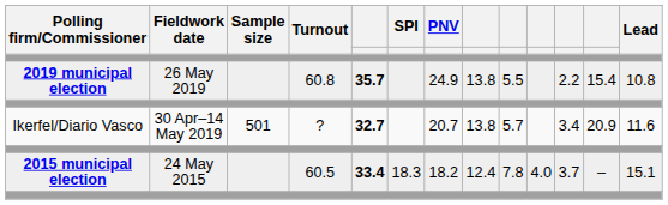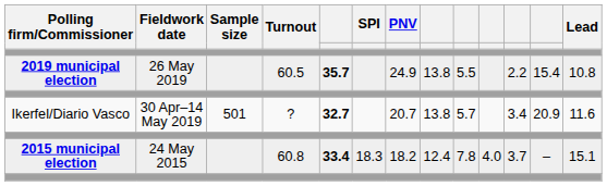 <table class="wikitable collapsible collapsed" style="text-align:center; font-size:95%; line-height:16px;">
 <tr style="height:42px;">
 <th style="width:250px;" rowspan="2">Polling firm/Commissioner</th>
 <th style="width:125px;" rowspan="2">Fieldwork date</th>
 <th style="width:50px;" rowspan="2">Sample size</th>
 <th style="width:45px;" rowspan="2">Turnout</th>
 <th style="width:35px;"></th>
 <th style="width:35px;">SPI</th>
 <th style="width:35px;"><a href='#'>PNV</a></th>
 <th style="width:35px;"></th>
 <th style="width:35px;"></th>
 <th style="width:35px;"></th>
 <th style="width:35px;"></th>
 <th style="width:35px;"></th>
 <th style="width:30px;" rowspan="2">Lead</th>
 </tr>
 <tr>
 <th style="color:inherit;background:"></th>
 <th style="color:inherit;background:"></th>
 <th style="color:inherit;background:"></th>
 <th style="color:inherit;background:"></th>
 <th style="color:inherit;background:"></th>
 <th style="color:inherit;background:"></th>
 <th style="color:inherit;background:"></th>
 <th style="color:inherit;background:"></th>
 </tr>
 <tr>
 <td colspan="13" style="background:#A0A0A0"></td>
 </tr>
 <tr style="background:#EFEFEF;">
 <td><strong><a href='#'>2019 municipal election</a></strong></td>
 <td>26 May 2019</td>
 <td></td>
-<td>60.8</td>
+<td>60.5</td>
 <td><strong>35.7</strong><br></td>
 <td></td>
 <td>24.9<br></td>
 <td>13.8<br></td>
 <td>5.5<br></td>
 <td></td>
 <td>2.2<br></td>
 <td>15.4<br></td>
 <td style="background:">10.8</td>
 </tr>
 <tr>
 <td colspan="13" style="background:#A0A0A0"></td>
 </tr>
 <tr>
 <td>Ikerfel/Diario Vasco</td>
 <td>30 Apr–14 May 2019</td>
 <td>501</td>
 <td>?</td>
 <td><strong>32.7</strong><br></td>
 <td></td>
 <td>20.7<br></td>
 <td>13.8<br></td>
 <td>5.7<br></td>
 <td></td>
 <td>3.4<br></td>
 <td>20.9<br></td>
 <td style="background:">11.6</td>
 </tr>
 <tr>
 <td colspan="13" style="background:#A0A0A0"></td>
 </tr>
 <tr style="background:#EFEFEF;">
 <td><strong><a href='#'>2015 municipal election</a></strong></td>
 <td>24 May 2015</td>
 <td></td>
-<td>60.5</td>
+<td>60.8</td>
 <td><strong>33.4</strong><br></td>
 <td>18.3<br></td>
 <td>18.2<br></td>
 <td>12.4<br></td>
 <td>7.8<br></td>
 <td>4.0<br></td>
 <td>3.7<br></td>
 <td>–</td>
 <td style="background:">15.1</td>
 </tr>
 <tr>
 <td colspan="13" style="background:#A0A0A0"></td>
 </tr>
 </table>
